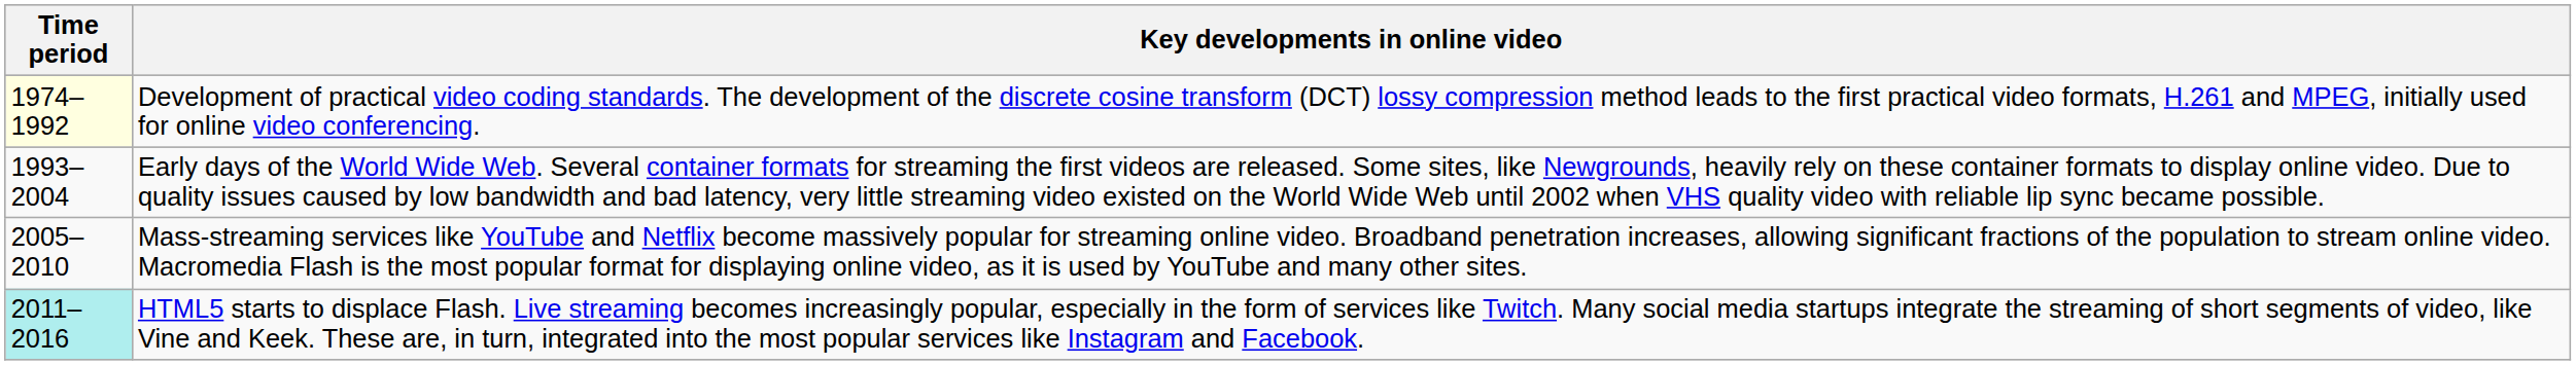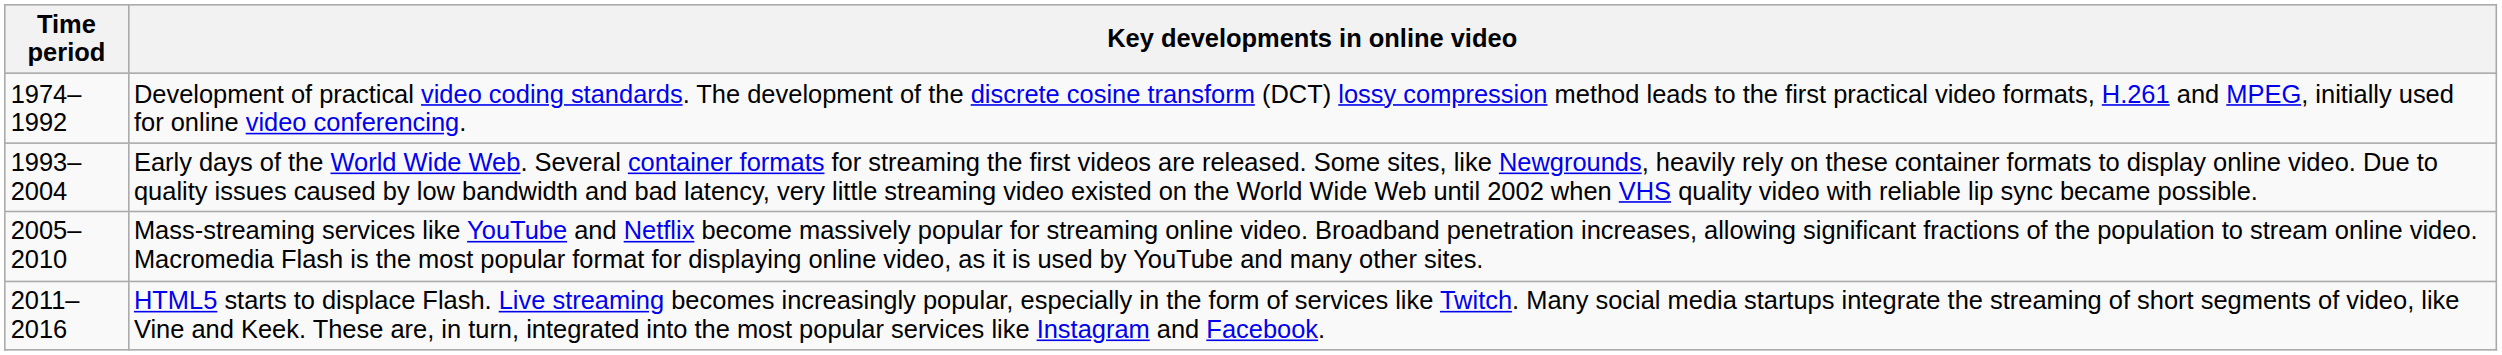 <table class="wikitable sortable">
 <tr>
 <th>Time period</th>
 <th class="unsortable">Key developments in online video</th>
 </tr>
 <tr>
-<td style="background: lightyellow;">1974–1992</td>
+<td>1974–1992</td>
 <td>Development of practical <a href='#'>video coding standards</a>. The development of the <a href='#'>discrete cosine transform</a> (DCT) <a href='#'>lossy compression</a> method leads to the first practical video formats, <a href='#'>H.261</a> and <a href='#'>MPEG</a>, initially used for online <a href='#'>video conferencing</a>.</td>
 </tr>
 <tr>
 <td>1993–2004</td>
 <td>Early days of the <a href='#'>World Wide Web</a>. Several <a href='#'>container formats</a> for streaming the first videos are released. Some sites, like <a href='#'>Newgrounds</a>, heavily rely on these container formats to display online video. Due to quality issues caused by low bandwidth and bad latency, very little streaming video existed on the World Wide Web until 2002 when <a href='#'>VHS</a> quality video with reliable lip sync became possible.</td>
 </tr>
 <tr>
 <td>2005–2010</td>
 <td>Mass-streaming services like <a href='#'>YouTube</a> and <a href='#'>Netflix</a> become massively popular for streaming online video. Broadband penetration increases, allowing significant fractions of the population to stream online video. Macromedia Flash is the most popular format for displaying online video, as it is used by YouTube and many other sites.</td>
 </tr>
 <tr>
-<td style="background: paleturquoise;">2011–2016</td>
+<td>2011–2016</td>
 <td><a href='#'>HTML5</a> starts to displace Flash. <a href='#'>Live streaming</a> becomes increasingly popular, especially in the form of services like <a href='#'>Twitch</a>. Many social media startups integrate the streaming of short segments of video, like Vine and Keek. These are, in turn, integrated into the most popular services like <a href='#'>Instagram</a> and <a href='#'>Facebook</a>.</td>
 </tr>
 </table>
